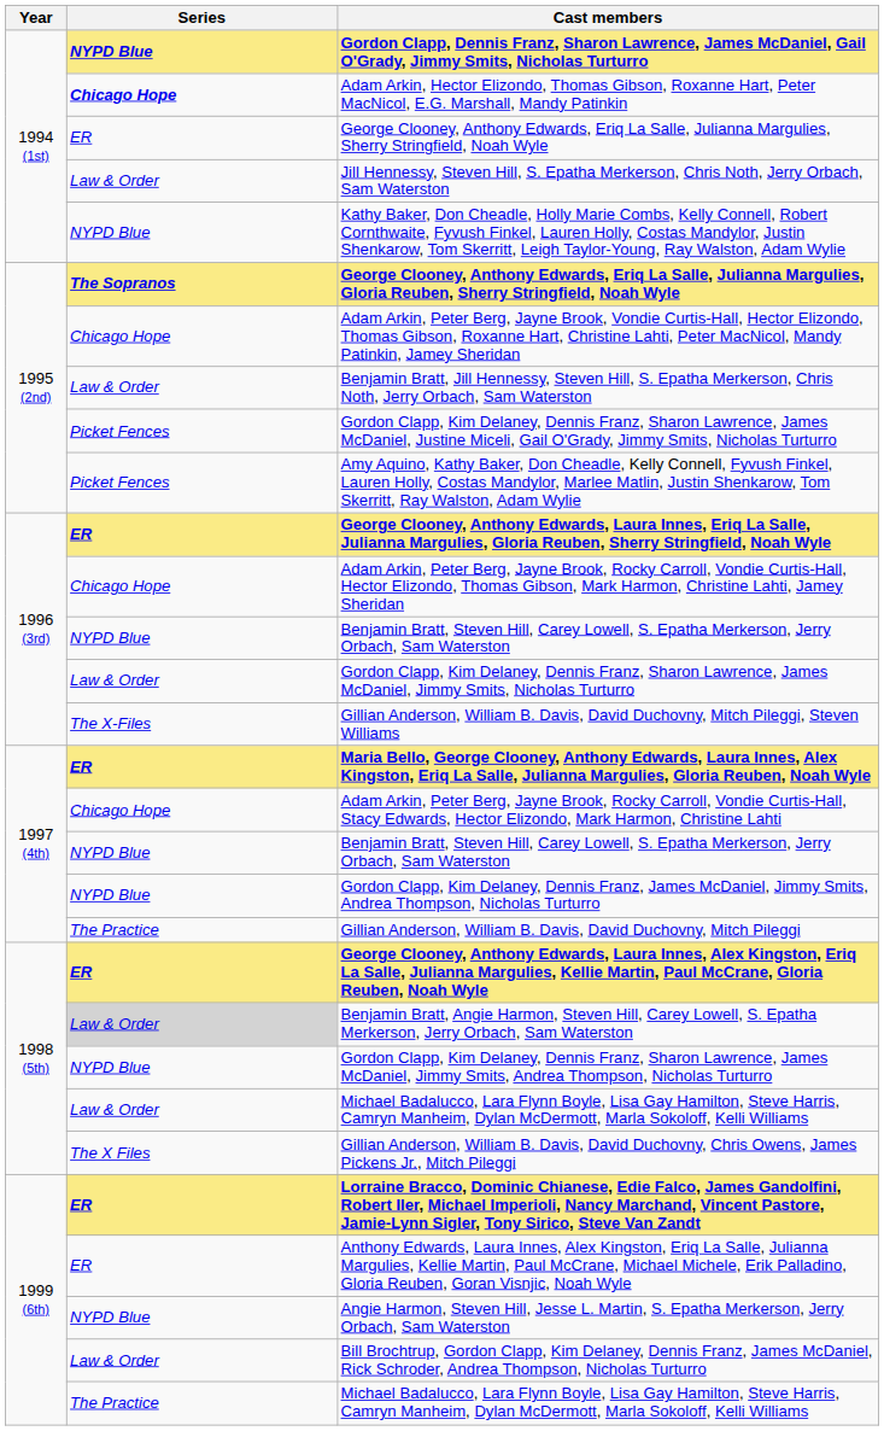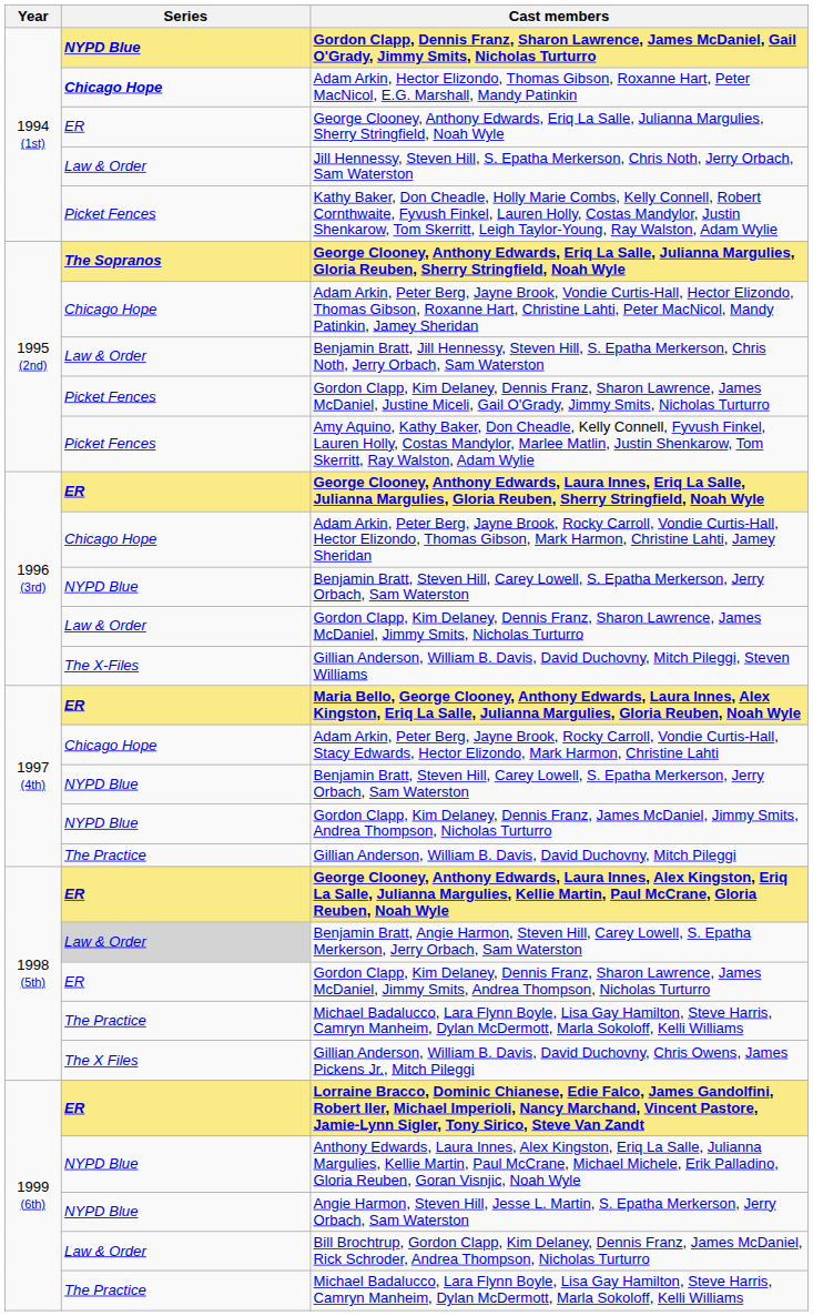 <table class="wikitable" width="100%" cellpadding="5">
 <tr>
 <th width="7%">Year</th>
 <th width="31%">Series</th>
 <th width="62%">Cast members</th>
 </tr>
 <tr>
 <td rowspan="5" align="center">1994<br><small><a href='#'>(1st)</a> </small></td>
 <td style="background:#FAEB86;"><strong><em><a href='#'>NYPD Blue</a></em></strong></td>
 <td style="background:#FAEB86;"><strong><a href='#'>Gordon Clapp</a>, <a href='#'>Dennis Franz</a>, <a href='#'>Sharon Lawrence</a>, <a href='#'>James McDaniel</a>, <a href='#'>Gail O'Grady</a>, <a href='#'>Jimmy Smits</a>, <a href='#'>Nicholas Turturro</a></strong></td>
 </tr>
 <tr>
 <td><strong><em><a href='#'>Chicago Hope</a></em></strong></td>
 <td><a href='#'>Adam Arkin</a>, <a href='#'>Hector Elizondo</a>, <a href='#'>Thomas Gibson</a>, <a href='#'>Roxanne Hart</a>, <a href='#'>Peter MacNicol</a>, <a href='#'>E.G. Marshall</a>, <a href='#'>Mandy Patinkin</a></td>
 </tr>
 <tr>
 <td><em><a href='#'>ER</a></em></td>
 <td><a href='#'>George Clooney</a>, <a href='#'>Anthony Edwards</a>, <a href='#'>Eriq La Salle</a>, <a href='#'>Julianna Margulies</a>, <a href='#'>Sherry Stringfield</a>, <a href='#'>Noah Wyle</a></td>
 </tr>
 <tr>
 <td><em><a href='#'>Law & Order</a></em></td>
 <td><a href='#'>Jill Hennessy</a>, <a href='#'>Steven Hill</a>, <a href='#'>S. Epatha Merkerson</a>, <a href='#'>Chris Noth</a>, <a href='#'>Jerry Orbach</a>, <a href='#'>Sam Waterston</a></td>
 </tr>
 <tr>
-<td><em><a href='#'>NYPD Blue</a></em></td>
+<td><em><a href='#'>Picket Fences</a></em></td>
 <td><a href='#'>Kathy Baker</a>, <a href='#'>Don Cheadle</a>, <a href='#'>Holly Marie Combs</a>, <a href='#'>Kelly Connell</a>, <a href='#'>Robert Cornthwaite</a>, <a href='#'>Fyvush Finkel</a>, <a href='#'>Lauren Holly</a>, <a href='#'>Costas Mandylor</a>, <a href='#'>Justin Shenkarow</a>, <a href='#'>Tom Skerritt</a>, <a href='#'>Leigh Taylor-Young</a>, <a href='#'>Ray Walston</a>, <a href='#'>Adam Wylie</a></td>
 </tr>
 <tr>
 <td rowspan="5" align="center">1995<br><small><a href='#'>(2nd)</a> </small></td>
 <td style="background:#FAEB86;"><strong><em><a href='#'>The Sopranos</a></em></strong></td>
 <td style="background:#FAEB86;"><strong><a href='#'>George Clooney</a>, <a href='#'>Anthony Edwards</a>, <a href='#'>Eriq La Salle</a>, <a href='#'>Julianna Margulies</a>, <a href='#'>Gloria Reuben</a>, <a href='#'>Sherry Stringfield</a>, <a href='#'>Noah Wyle</a></strong></td>
 </tr>
 <tr>
 <td><em><a href='#'>Chicago Hope</a></em></td>
 <td><a href='#'>Adam Arkin</a>, <a href='#'>Peter Berg</a>, <a href='#'>Jayne Brook</a>, <a href='#'>Vondie Curtis-Hall</a>, <a href='#'>Hector Elizondo</a>, <a href='#'>Thomas Gibson</a>, <a href='#'>Roxanne Hart</a>, <a href='#'>Christine Lahti</a>, <a href='#'>Peter MacNicol</a>, <a href='#'>Mandy Patinkin</a>, <a href='#'>Jamey Sheridan</a></td>
 </tr>
 <tr>
 <td><em><a href='#'>Law & Order</a></em></td>
 <td><a href='#'>Benjamin Bratt</a>, <a href='#'>Jill Hennessy</a>, <a href='#'>Steven Hill</a>, <a href='#'>S. Epatha Merkerson</a>, <a href='#'>Chris Noth</a>, <a href='#'>Jerry Orbach</a>, <a href='#'>Sam Waterston</a></td>
 </tr>
 <tr>
 <td><em><a href='#'>Picket Fences</a></em></td>
 <td><a href='#'>Gordon Clapp</a>, <a href='#'>Kim Delaney</a>, <a href='#'>Dennis Franz</a>, <a href='#'>Sharon Lawrence</a>, <a href='#'>James McDaniel</a>, <a href='#'>Justine Miceli</a>, <a href='#'>Gail O'Grady</a>, <a href='#'>Jimmy Smits</a>, <a href='#'>Nicholas Turturro</a></td>
 </tr>
 <tr>
 <td><em><a href='#'>Picket Fences</a></em></td>
 <td><a href='#'>Amy Aquino</a>, <a href='#'>Kathy Baker</a>, <a href='#'>Don Cheadle</a>, Kelly Connell, <a href='#'>Fyvush Finkel</a>, <a href='#'>Lauren Holly</a>, <a href='#'>Costas Mandylor</a>, <a href='#'>Marlee Matlin</a>, <a href='#'>Justin Shenkarow</a>, <a href='#'>Tom Skerritt</a>, <a href='#'>Ray Walston</a>, <a href='#'>Adam Wylie</a></td>
 </tr>
 <tr>
 <td rowspan="5" align="center">1996<br><small><a href='#'>(3rd)</a> </small></td>
 <td style="background:#FAEB86;"><strong><em><a href='#'>ER</a></em></strong></td>
 <td style="background:#FAEB86;"><strong><a href='#'>George Clooney</a>, <a href='#'>Anthony Edwards</a>, <a href='#'>Laura Innes</a>, <a href='#'>Eriq La Salle</a>, <a href='#'>Julianna Margulies</a>, <a href='#'>Gloria Reuben</a>, <a href='#'>Sherry Stringfield</a>, <a href='#'>Noah Wyle</a></strong></td>
 </tr>
 <tr>
 <td><em><a href='#'>Chicago Hope</a></em></td>
 <td><a href='#'>Adam Arkin</a>, <a href='#'>Peter Berg</a>, <a href='#'>Jayne Brook</a>, <a href='#'>Rocky Carroll</a>, <a href='#'>Vondie Curtis-Hall</a>, <a href='#'>Hector Elizondo</a>, <a href='#'>Thomas Gibson</a>, <a href='#'>Mark Harmon</a>, <a href='#'>Christine Lahti</a>, <a href='#'>Jamey Sheridan</a></td>
 </tr>
 <tr>
 <td><em><a href='#'>NYPD Blue</a></em></td>
 <td><a href='#'>Benjamin Bratt</a>, <a href='#'>Steven Hill</a>, <a href='#'>Carey Lowell</a>, <a href='#'>S. Epatha Merkerson</a>, <a href='#'>Jerry Orbach</a>, <a href='#'>Sam Waterston</a></td>
 </tr>
 <tr>
 <td><em><a href='#'>Law & Order</a></em></td>
 <td><a href='#'>Gordon Clapp</a>, <a href='#'>Kim Delaney</a>, <a href='#'>Dennis Franz</a>, <a href='#'>Sharon Lawrence</a>, <a href='#'>James McDaniel</a>, <a href='#'>Jimmy Smits</a>, <a href='#'>Nicholas Turturro</a></td>
 </tr>
 <tr>
 <td><em><a href='#'>The X-Files</a></em></td>
 <td><a href='#'>Gillian Anderson</a>, <a href='#'>William B. Davis</a>, <a href='#'>David Duchovny</a>, <a href='#'>Mitch Pileggi</a>, <a href='#'>Steven Williams</a></td>
 </tr>
 <tr>
 <td rowspan="5" align="center">1997<br><small><a href='#'>(4th)</a> </small></td>
 <td style="background:#FAEB86;"><strong><em><a href='#'>ER</a></em></strong></td>
 <td style="background:#FAEB86;"><strong><a href='#'>Maria Bello</a>, <a href='#'>George Clooney</a>, <a href='#'>Anthony Edwards</a>, <a href='#'>Laura Innes</a>, <a href='#'>Alex Kingston</a>, <a href='#'>Eriq La Salle</a>, <a href='#'>Julianna Margulies</a>, <a href='#'>Gloria Reuben</a>, <a href='#'>Noah Wyle</a></strong></td>
 </tr>
 <tr>
 <td><em><a href='#'>Chicago Hope</a></em></td>
 <td><a href='#'>Adam Arkin</a>, <a href='#'>Peter Berg</a>, <a href='#'>Jayne Brook</a>, <a href='#'>Rocky Carroll</a>, <a href='#'>Vondie Curtis-Hall</a>, <a href='#'>Stacy Edwards</a>, <a href='#'>Hector Elizondo</a>, <a href='#'>Mark Harmon</a>, <a href='#'>Christine Lahti</a></td>
 </tr>
 <tr>
 <td><em><a href='#'>NYPD Blue</a></em></td>
 <td><a href='#'>Benjamin Bratt</a>, <a href='#'>Steven Hill</a>, <a href='#'>Carey Lowell</a>, <a href='#'>S. Epatha Merkerson</a>, <a href='#'>Jerry Orbach</a>, <a href='#'>Sam Waterston</a></td>
 </tr>
 <tr>
 <td><em><a href='#'>NYPD Blue</a></em></td>
 <td><a href='#'>Gordon Clapp</a>, <a href='#'>Kim Delaney</a>, <a href='#'>Dennis Franz</a>, <a href='#'>James McDaniel</a>, <a href='#'>Jimmy Smits</a>, <a href='#'>Andrea Thompson</a>, <a href='#'>Nicholas Turturro</a></td>
 </tr>
 <tr>
 <td><em><a href='#'>The Practice</a></em></td>
 <td><a href='#'>Gillian Anderson</a>, <a href='#'>William B. Davis</a>, <a href='#'>David Duchovny</a>, <a href='#'>Mitch Pileggi</a></td>
 </tr>
 <tr>
 <td rowspan="5" align="center">1998<br><small><a href='#'>(5th)</a> </small></td>
 <td style="background:#FAEB86;"><strong><em><a href='#'>ER</a></em></strong></td>
 <td style="background:#FAEB86;"><strong><a href='#'>George Clooney</a>, <a href='#'>Anthony Edwards</a>, <a href='#'>Laura Innes</a>, <a href='#'>Alex Kingston</a>, <a href='#'>Eriq La Salle</a>, <a href='#'>Julianna Margulies</a>, <a href='#'>Kellie Martin</a>, <a href='#'>Paul McCrane</a>, <a href='#'>Gloria Reuben</a>, <a href='#'>Noah Wyle</a></strong></td>
 </tr>
 <tr>
 <td style="background: lightgrey;"><em><a href='#'>Law & Order</a></em></td>
 <td><a href='#'>Benjamin Bratt</a>, <a href='#'>Angie Harmon</a>, <a href='#'>Steven Hill</a>, <a href='#'>Carey Lowell</a>, <a href='#'>S. Epatha Merkerson</a>, <a href='#'>Jerry Orbach</a>, <a href='#'>Sam Waterston</a></td>
 </tr>
 <tr>
-<td><em><a href='#'>NYPD Blue</a></em></td>
+<td><em><a href='#'>ER</a></em></td>
 <td><a href='#'>Gordon Clapp</a>, <a href='#'>Kim Delaney</a>, <a href='#'>Dennis Franz</a>, <a href='#'>Sharon Lawrence</a>, <a href='#'>James McDaniel</a>, <a href='#'>Jimmy Smits</a>, <a href='#'>Andrea Thompson</a>, <a href='#'>Nicholas Turturro</a></td>
 </tr>
 <tr>
-<td><em><a href='#'>Law & Order</a></em></td>
+<td><em><a href='#'>The Practice</a></em></td>
 <td><a href='#'>Michael Badalucco</a>, <a href='#'>Lara Flynn Boyle</a>, <a href='#'>Lisa Gay Hamilton</a>, <a href='#'>Steve Harris</a>, <a href='#'>Camryn Manheim</a>, <a href='#'>Dylan McDermott</a>, <a href='#'>Marla Sokoloff</a>, <a href='#'>Kelli Williams</a></td>
 </tr>
 <tr>
 <td><em><a href='#'>The X Files</a></em></td>
 <td><a href='#'>Gillian Anderson</a>, <a href='#'>William B. Davis</a>, <a href='#'>David Duchovny</a>, <a href='#'>Chris Owens</a>, <a href='#'>James Pickens Jr.</a>, <a href='#'>Mitch Pileggi</a></td>
 </tr>
 <tr>
 <td rowspan="5" align="center">1999<br><small><a href='#'>(6th)</a> </small></td>
 <td style="background:#FAEB86;"><strong><em><a href='#'>ER</a></em></strong></td>
 <td style="background:#FAEB86;"><strong><a href='#'>Lorraine Bracco</a>, <a href='#'>Dominic Chianese</a>, <a href='#'>Edie Falco</a>, <a href='#'>James Gandolfini</a>, <a href='#'>Robert Iler</a>, <a href='#'>Michael Imperioli</a>, <a href='#'>Nancy Marchand</a>, <a href='#'>Vincent Pastore</a>, <a href='#'>Jamie-Lynn Sigler</a>, <a href='#'>Tony Sirico</a>, <a href='#'>Steve Van Zandt</a></strong></td>
 </tr>
 <tr>
-<td><em><a href='#'>ER</a></em></td>
+<td><em><a href='#'>NYPD Blue</a></em></td>
 <td><a href='#'>Anthony Edwards</a>, <a href='#'>Laura Innes</a>, <a href='#'>Alex Kingston</a>, <a href='#'>Eriq La Salle</a>, <a href='#'>Julianna Margulies</a>, <a href='#'>Kellie Martin</a>, <a href='#'>Paul McCrane</a>, <a href='#'>Michael Michele</a>, <a href='#'>Erik Palladino</a>, <a href='#'>Gloria Reuben</a>, <a href='#'>Goran Visnjic</a>, <a href='#'>Noah Wyle</a></td>
 </tr>
 <tr>
 <td><em><a href='#'>NYPD Blue</a></em></td>
 <td><a href='#'>Angie Harmon</a>, <a href='#'>Steven Hill</a>, <a href='#'>Jesse L. Martin</a>, <a href='#'>S. Epatha Merkerson</a>, <a href='#'>Jerry Orbach</a>, <a href='#'>Sam Waterston</a></td>
 </tr>
 <tr>
 <td><em><a href='#'>Law & Order</a></em></td>
 <td><a href='#'>Bill Brochtrup</a>, <a href='#'>Gordon Clapp</a>, <a href='#'>Kim Delaney</a>, <a href='#'>Dennis Franz</a>, <a href='#'>James McDaniel</a>, <a href='#'>Rick Schroder</a>, <a href='#'>Andrea Thompson</a>, <a href='#'>Nicholas Turturro</a></td>
 </tr>
 <tr>
 <td><em><a href='#'>The Practice</a></em></td>
 <td><a href='#'>Michael Badalucco</a>, <a href='#'>Lara Flynn Boyle</a>, <a href='#'>Lisa Gay Hamilton</a>, <a href='#'>Steve Harris</a>, <a href='#'>Camryn Manheim</a>, <a href='#'>Dylan McDermott</a>, <a href='#'>Marla Sokoloff</a>, <a href='#'>Kelli Williams</a></td>
 </tr>
 </table>
